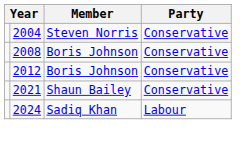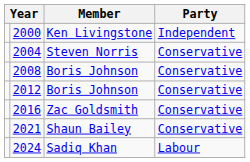 <table class="wikitable">
 <tr>
 <th colspan="2">Year</th>
 <th>Member</th>
 <th>Party</th>
+</tr>
+<tr>
+<td style="background-color: "></td>
+<td><a href='#'>2000</a></td>
+<td><a href='#'>Ken Livingstone</a></td>
+<td><a href='#'>Independent</a></td>
 </tr>
 <tr>
 <td style="background-color: "></td>
 <td><a href='#'>2004</a></td>
 <td><a href='#'>Steven Norris</a></td>
 <td><a href='#'>Conservative</a></td>
 </tr>
 <tr>
 <td style="background-color: "></td>
 <td><a href='#'>2008</a></td>
 <td><a href='#'>Boris Johnson</a></td>
 <td><a href='#'>Conservative</a></td>
 </tr>
 <tr>
 <td style="background-color: "></td>
 <td><a href='#'>2012</a></td>
 <td><a href='#'>Boris Johnson</a></td>
 <td><a href='#'>Conservative</a></td>
 </tr>
 <tr>
 <td style="background-color: "></td>
+<td><a href='#'>2016</a></td>
+<td><a href='#'>Zac Goldsmith</a></td>
+<td><a href='#'>Conservative</a></td>
+</tr>
+<tr>
+<td style="background-color: "></td>
 <td><a href='#'>2021</a></td>
 <td><a href='#'>Shaun Bailey</a></td>
 <td><a href='#'>Conservative</a></td>
 </tr>
 <tr>
 <td style="background-color: "></td>
 <td><a href='#'>2024</a></td>
 <td><a href='#'>Sadiq Khan</a></td>
 <td><a href='#'>Labour</a></td>
 </tr>
 </table>
